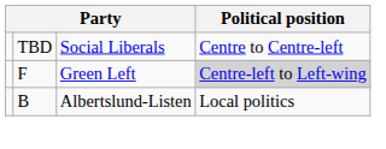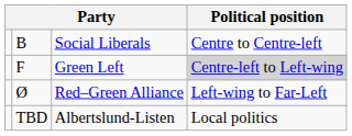 <table class="wikitable">
 <tr>
 <th colspan="3">Party</th>
 <th>Political position</th>
 </tr>
 <tr>
 <td></td>
-<td>TBD</td>
+<td>B</td>
 <td><a href='#'>Social Liberals</a></td>
 <td><a href='#'>Centre</a> to <a href='#'>Centre-left</a></td>
 </tr>
 <tr>
 <td></td>
 <td>F</td>
 <td><a href='#'>Green Left</a></td>
 <td style="background: lightgrey;"><a href='#'>Centre-left</a> to <a href='#'>Left-wing</a></td>
 </tr>
 <tr>
 <td></td>
-<td>B</td>
+<td>Ø</td>
+<td><a href='#'>Red–Green Alliance</a></td>
+<td><a href='#'>Left-wing</a> to  <a href='#'>Far-Left</a></td>
+</tr>
+<tr>
+<td></td>
+<td>TBD</td>
 <td>Albertslund-Listen</td>
 <td>Local politics</td>
 </tr>
 </table>
